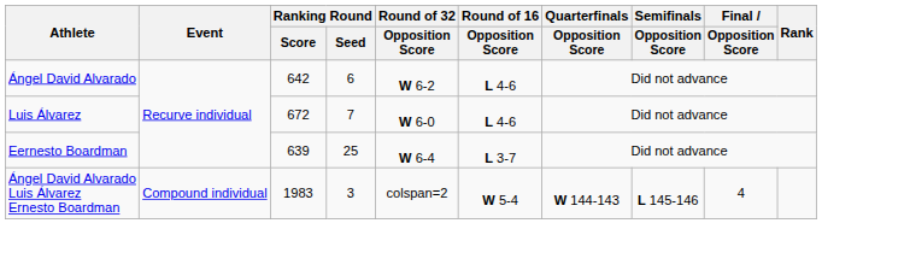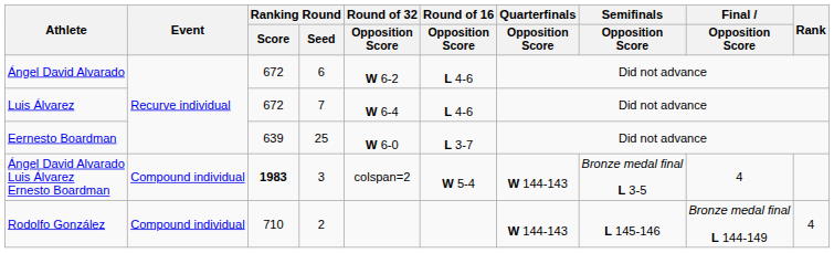 <table class="wikitable" style="font-size:90%">
 <tr>
 <th rowspan="2">Athlete</th>
 <th rowspan="2">Event</th>
 <th colspan="2">Ranking Round</th>
 <th>Round of 32</th>
 <th>Round of 16</th>
 <th>Quarterfinals</th>
 <th>Semifinals</th>
 <th>Final / </th>
 <th rowspan="2">Rank</th>
 </tr>
 <tr style="font-size:95%">
 <th>Score</th>
 <th>Seed</th>
 <th>Opposition<br>Score</th>
 <th>Opposition<br>Score</th>
 <th>Opposition<br>Score</th>
 <th>Opposition<br>Score</th>
 <th>Opposition<br>Score</th>
 </tr>
 <tr align=center>
 <td align=left><a href='#'>Ángel David Alvarado</a></td>
 <td align=left rowspan=3><a href='#'>Recurve individual</a></td>
-<td>642</td>
+<td>672</td>
 <td>6</td>
 <td><br><strong>W</strong> 6-2</td>
 <td><br><strong>L</strong> 4-6</td>
 <td colspan=4>Did not advance</td>
 </tr>
 <tr align=center>
 <td align=left><a href='#'>Luis Álvarez</a></td>
 <td>672</td>
 <td>7</td>
-<td><br><strong>W</strong> 6-0</td>
+<td><br><strong>W</strong> 6-4</td>
 <td><br><strong>L</strong> 4-6</td>
 <td colspan=4>Did not advance</td>
 </tr>
 <tr align=center>
 <td align=left><a href='#'>Eernesto Boardman</a></td>
 <td>639</td>
 <td>25</td>
-<td><br><strong>W</strong> 6-4</td>
+<td><br><strong>W</strong> 6-0</td>
 <td><br><strong>L</strong> 3-7</td>
 <td colspan=4>Did not advance</td>
 </tr>
 <tr align=center>
 <td align=left><a href='#'>Ángel David Alvarado</a><br><a href='#'>Luis Álvarez</a><br><a href='#'>Ernesto Boardman</a></td>
 <td align=left><a href='#'>Compound individual</a></td>
-<td>1983</td>
+<td><strong>1983</strong></td>
 <td>3</td>
 <td>colspan=2 </td>
 <td><br><strong>W</strong> 5-4</td>
 <td><br><strong>W</strong> 144-143</td>
+<td><em>Bronze medal final</em><br><br><strong>L</strong> 3-5</td>
+<td>4</td>
+</tr>
+<tr align=center>
+<td align=left><a href='#'>Rodolfo González</a></td>
+<td align=left><a href='#'>Compound individual</a></td>
+<td>710</td>
+<td>2</td>
+<td></td>
+<td></td>
+<td><br><strong>W</strong> 144-143</td>
 <td><br><strong>L</strong> 145-146</td>
+<td><em>Bronze medal final</em><br><br><strong>L</strong> 144-149</td>
 <td>4</td>
 </tr>
 </table>
